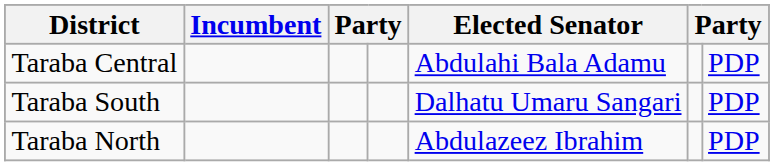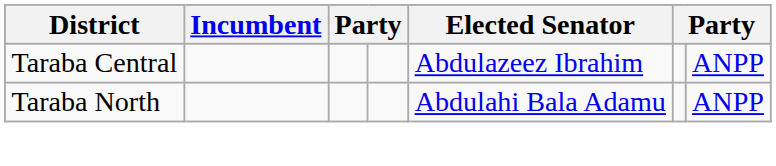 <table class="sortable wikitable" style="font-size:95%;line-height:14px;">
 <tr>
 <th class="unsortable">District</th>
 <th class="unsortable"><a href='#'>Incumbent</a></th>
 <th colspan="2">Party</th>
 <th class="unsortable">Elected Senator</th>
 <th colspan="2">Party</th>
 </tr>
 <tr>
 <td>Taraba Central</td>
 <td></td>
 <td></td>
 <td></td>
-<td><a href='#'>Abdulahi Bala Adamu</a></td>
+<td><a href='#'>Abdulazeez Ibrahim</a></td>
 <td style="background:"></td>
-<td><a href='#'>PDP</a></td>
-</tr>
-<tr>
-<td>Taraba South</td>
-<td></td>
-<td></td>
-<td></td>
-<td><a href='#'>Dalhatu Umaru Sangari</a></td>
-<td style="background:"></td>
-<td><a href='#'>PDP</a></td>
+<td><a href='#'>ANPP</a></td>
 </tr>
 <tr>
 <td>Taraba North</td>
 <td></td>
 <td></td>
 <td></td>
-<td><a href='#'>Abdulazeez Ibrahim</a></td>
+<td><a href='#'>Abdulahi Bala Adamu</a></td>
 <td style="background:"></td>
-<td><a href='#'>PDP</a></td>
+<td><a href='#'>ANPP</a></td>
 </tr>
 </table>
